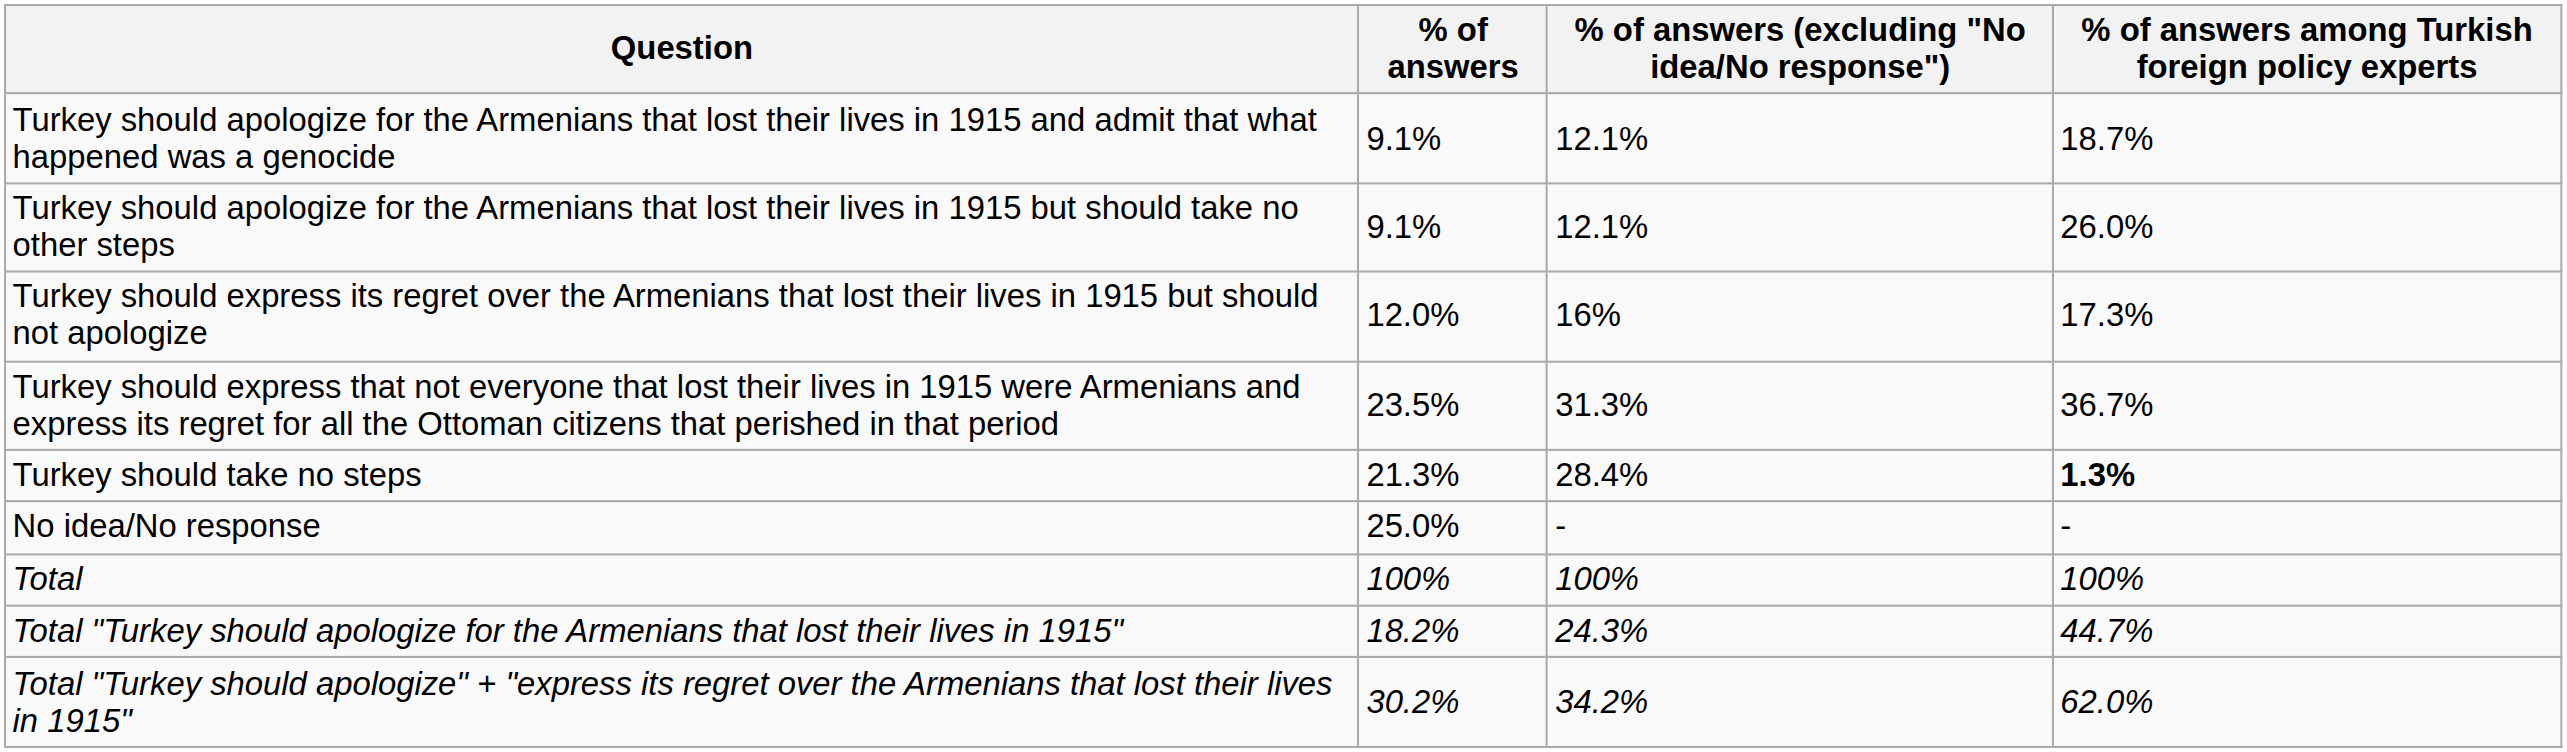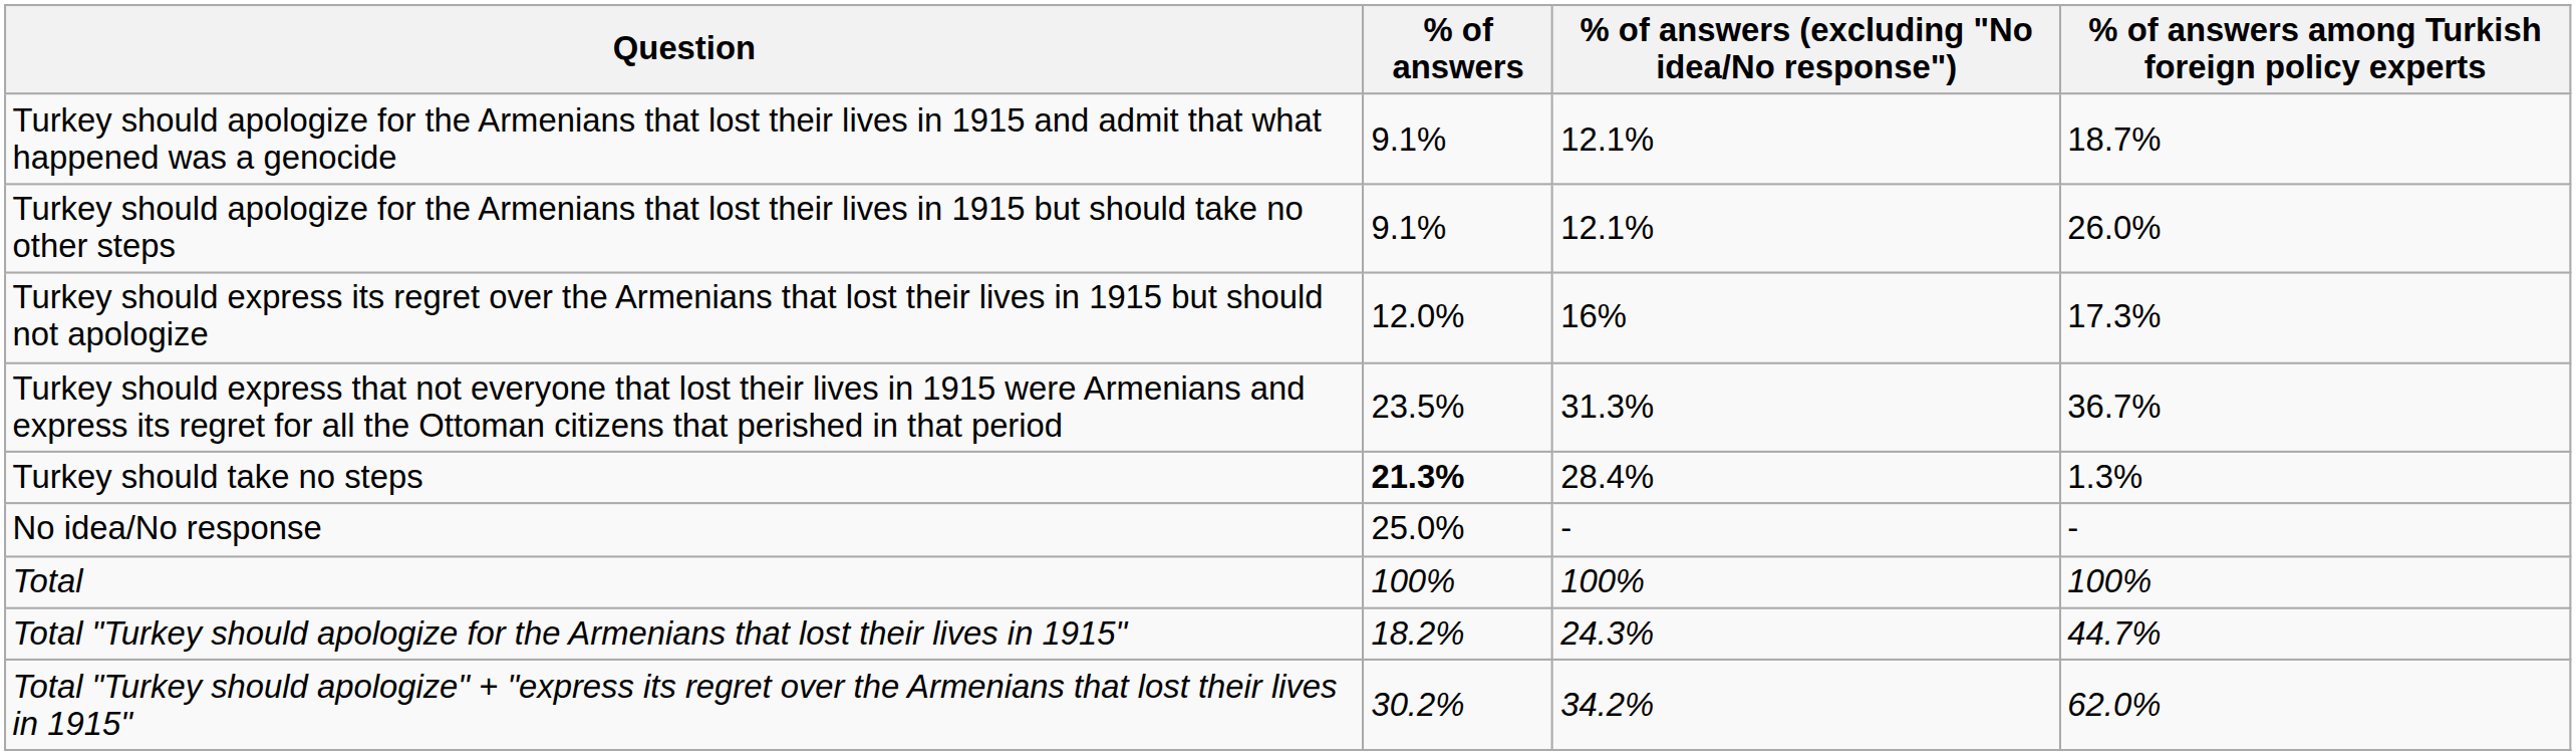 <table class="wikitable">
 <tr>
 <th>Question</th>
 <th>% of answers</th>
 <th>% of answers (excluding "No idea/No response")</th>
 <th>% of answers among Turkish foreign policy experts</th>
 </tr>
 <tr>
 <td>Turkey should apologize for the Armenians that lost their lives in 1915 and admit that what happened was a genocide</td>
 <td>9.1%</td>
 <td>12.1%</td>
 <td>18.7%</td>
 </tr>
 <tr>
 <td>Turkey should apologize for the Armenians that lost their lives in 1915 but should take no other steps</td>
 <td>9.1%</td>
 <td>12.1%</td>
 <td>26.0%</td>
 </tr>
 <tr>
 <td>Turkey should express its regret over the Armenians that lost their lives in 1915 but should not apologize</td>
 <td>12.0%</td>
 <td>16%</td>
 <td>17.3%</td>
 </tr>
 <tr>
 <td>Turkey should express that not everyone that lost their lives in 1915 were Armenians and express its regret for all the Ottoman citizens that perished in that period</td>
 <td>23.5%</td>
 <td>31.3%</td>
 <td>36.7%</td>
 </tr>
 <tr>
 <td>Turkey should take no steps</td>
-<td>21.3%</td>
+<td><strong>21.3%</strong></td>
 <td>28.4%</td>
-<td><strong>1.3%</strong></td>
+<td>1.3%</td>
 </tr>
 <tr>
 <td>No idea/No response</td>
 <td>25.0%</td>
 <td>-</td>
 <td>-</td>
 </tr>
 <tr>
 <td><em>Total</em></td>
 <td><em>100%</em></td>
 <td><em>100%</em></td>
 <td><em>100%</em></td>
 </tr>
 <tr>
 <td><em>Total "Turkey should apologize for the Armenians that lost their lives in 1915"</em></td>
 <td><em>18.2%</em></td>
 <td><em>24.3%</em></td>
 <td><em>44.7%</em></td>
 </tr>
 <tr>
 <td><em>Total "Turkey should apologize" + "express its regret over the Armenians that lost their lives in 1915"</em></td>
 <td><em>30.2%</em></td>
 <td><em>34.2%</em></td>
 <td><em>62.0%</em></td>
 </tr>
 <tr>
 </tr>
 </table>
